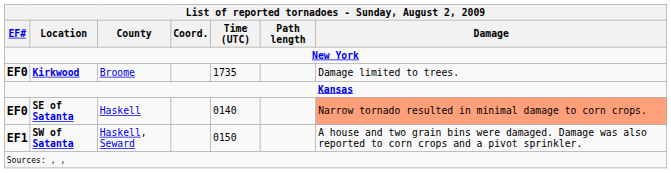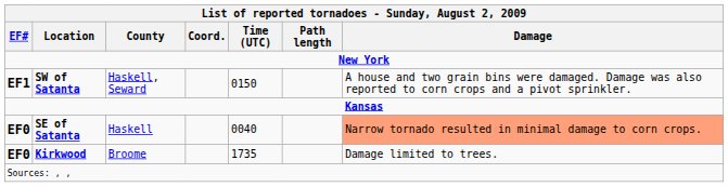 <table class="wikitable collapsible" style="width:100%;">
 <tr>
 <th colspan="7">List of reported tornadoes - Sunday, August 2, 2009</th>
 </tr>
 <tr>
 <th><a href='#'>EF#</a></th>
 <th>Location</th>
 <th>County</th>
 <th>Coord.</th>
 <th>Time (UTC)</th>
 <th>Path length</th>
 <th>Damage</th>
 </tr>
 <tr>
 <td colspan="7" style="text-align:center;"><strong><a href='#'>New York</a></strong></td>
 </tr>
 <tr>
+<td><big><strong>EF1</strong></big></td>
+<td><strong>SW of <a href='#'>Satanta</a></strong></td>
+<td><a href='#'>Haskell</a>, <a href='#'>Seward</a></td>
+<td></td>
+<td>0150</td>
+<td></td>
+<td>A house and two grain bins were damaged. Damage was also reported to corn crops and a pivot sprinkler.</td>
+</tr>
+<tr>
+<td colspan="7" style="text-align:center;"><strong><a href='#'>Kansas</a></strong></td>
+</tr>
+<tr>
+<td><big><strong>EF0</strong></big></td>
+<td><strong>SE of <a href='#'>Satanta</a></strong></td>
+<td><a href='#'>Haskell</a></td>
+<td></td>
+<td>0040</td>
+<td></td>
+<td style="background: lightsalmon;">Narrow tornado resulted in minimal damage to corn crops.</td>
+</tr>
+<tr>
 <td><big><strong>EF0</strong></big></td>
 <td><strong><a href='#'>Kirkwood</a></strong></td>
 <td><a href='#'>Broome</a></td>
 <td></td>
 <td>1735</td>
 <td></td>
 <td>Damage limited to trees.</td>
 </tr>
 <tr>
-<td colspan="7" style="text-align:center;"><strong><a href='#'>Kansas</a></strong></td>
-</tr>
-<tr>
-<td><big><strong>EF0</strong></big></td>
-<td><strong>SE of <a href='#'>Satanta</a></strong></td>
-<td><a href='#'>Haskell</a></td>
-<td></td>
-<td>0140</td>
-<td></td>
-<td style="background: lightsalmon;">Narrow tornado resulted in minimal damage to corn crops.</td>
-</tr>
-<tr>
-<td><big><strong>EF1</strong></big></td>
-<td><strong>SW of <a href='#'>Satanta</a></strong></td>
-<td><a href='#'>Haskell</a>, <a href='#'>Seward</a></td>
-<td></td>
-<td>0150</td>
-<td></td>
-<td>A house and two grain bins were damaged. Damage was also reported to corn crops and a pivot sprinkler.</td>
-</tr>
-<tr>
 <td colspan="7"><small>Sources: , , </small></td>
 </tr>
 </table>
